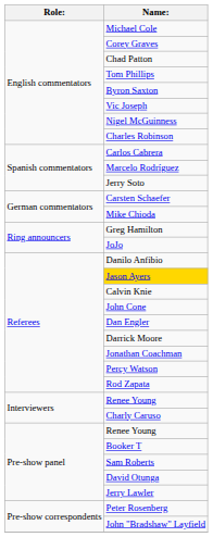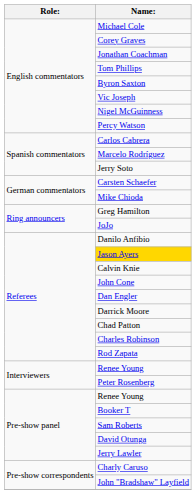 <table class=wikitable style="font-size:90%; margin: 0.5em 0 0.5em 1em; float: right; clear: right;">
 <tr>
 <th>Role:</th>
 <th>Name:</th>
 </tr>
 <tr>
 <td rowspan=8>English commentators</td>
 <td><a href='#'>Michael Cole</a> </td>
 </tr>
 <tr>
 <td><a href='#'>Corey Graves</a> </td>
 </tr>
 <tr>
-<td>Chad Patton</td>
+<td><a href='#'>Jonathan Coachman</a> </td>
 </tr>
 <tr>
 <td><a href='#'>Tom Phillips</a> </td>
 </tr>
 <tr>
 <td><a href='#'>Byron Saxton</a> </td>
 </tr>
 <tr>
 <td><a href='#'>Vic Joseph</a> </td>
 </tr>
 <tr>
 <td><a href='#'>Nigel McGuinness</a></td>
 </tr>
 <tr>
-<td><a href='#'>Charles Robinson</a></td>
+<td><a href='#'>Percy Watson</a> </td>
 </tr>
 <tr>
 <td rowspan=3>Spanish commentators</td>
 <td><a href='#'>Carlos Cabrera</a></td>
 </tr>
 <tr>
 <td><a href='#'>Marcelo Rodríguez</a></td>
 </tr>
 <tr>
 <td>Jerry Soto</td>
 </tr>
 <tr>
 <td rowspan=2>German commentators</td>
 <td><a href='#'>Carsten Schaefer</a></td>
 </tr>
 <tr>
 <td><a href='#'>Mike Chioda</a></td>
 </tr>
 <tr>
 <td rowspan=2><a href='#'>Ring announcers</a></td>
 <td>Greg Hamilton </td>
 </tr>
 <tr>
 <td><a href='#'>JoJo</a> </td>
 </tr>
 <tr>
 <td rowspan=9><a href='#'>Referees</a></td>
 <td>Danilo Anfibio</td>
 </tr>
 <tr>
 <td style="background: gold;"><a href='#'>Jason Ayers</a></td>
 </tr>
 <tr>
 <td>Calvin Knie</td>
 </tr>
 <tr>
 <td><a href='#'>John Cone</a></td>
 </tr>
 <tr>
 <td><a href='#'>Dan Engler</a></td>
 </tr>
 <tr>
 <td>Darrick Moore</td>
 </tr>
 <tr>
-<td><a href='#'>Jonathan Coachman</a> </td>
+<td>Chad Patton</td>
 </tr>
 <tr>
-<td><a href='#'>Percy Watson</a> </td>
+<td><a href='#'>Charles Robinson</a></td>
 </tr>
 <tr>
 <td><a href='#'>Rod Zapata</a></td>
 </tr>
 <tr>
 <td rowspan=2>Interviewers</td>
 <td><a href='#'>Renee Young</a></td>
 </tr>
 <tr>
-<td><a href='#'>Charly Caruso</a></td>
+<td><a href='#'>Peter Rosenberg</a></td>
 </tr>
 <tr>
 <td rowspan=5>Pre-show panel</td>
 <td>Renee Young</td>
 </tr>
 <tr>
 <td><a href='#'>Booker T</a></td>
 </tr>
 <tr>
 <td><a href='#'>Sam Roberts</a></td>
 </tr>
 <tr>
 <td><a href='#'>David Otunga</a></td>
 </tr>
 <tr>
 <td><a href='#'>Jerry Lawler</a></td>
 </tr>
 <tr>
 <td rowspan=2>Pre-show correspondents</td>
-<td><a href='#'>Peter Rosenberg</a></td>
+<td><a href='#'>Charly Caruso</a></td>
 </tr>
 <tr>
 <td><a href='#'>John "Bradshaw" Layfield</a></td>
 </tr>
 <tr>
 </tr>
 </table>
